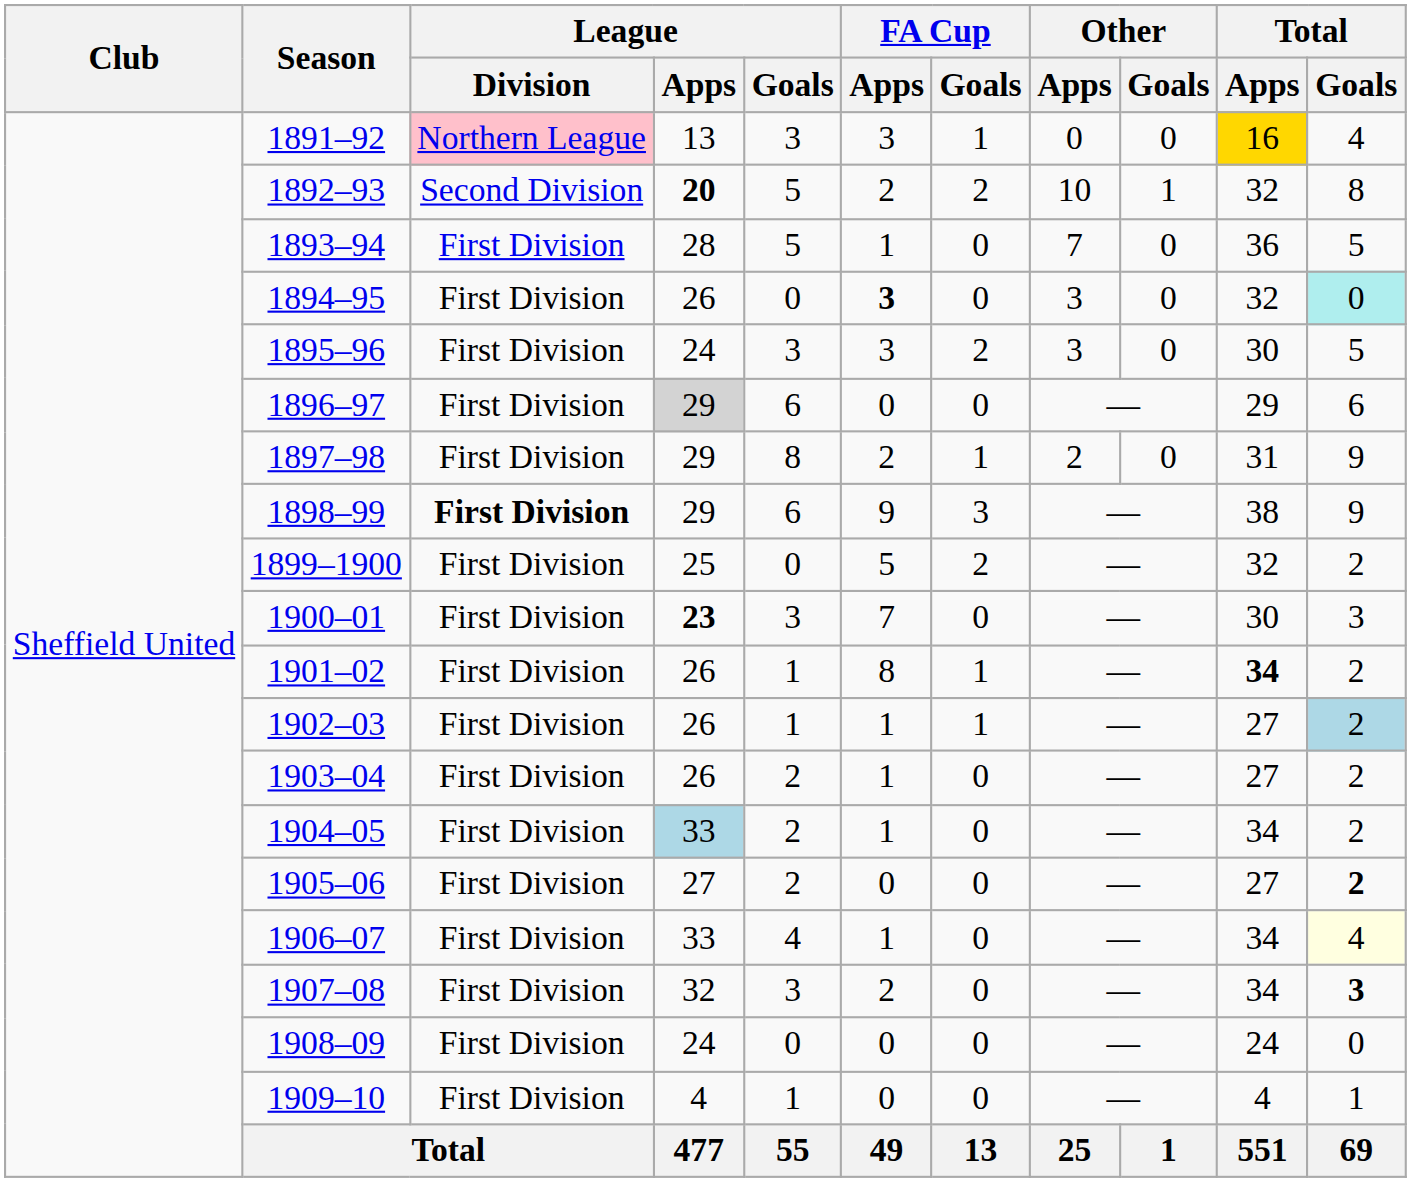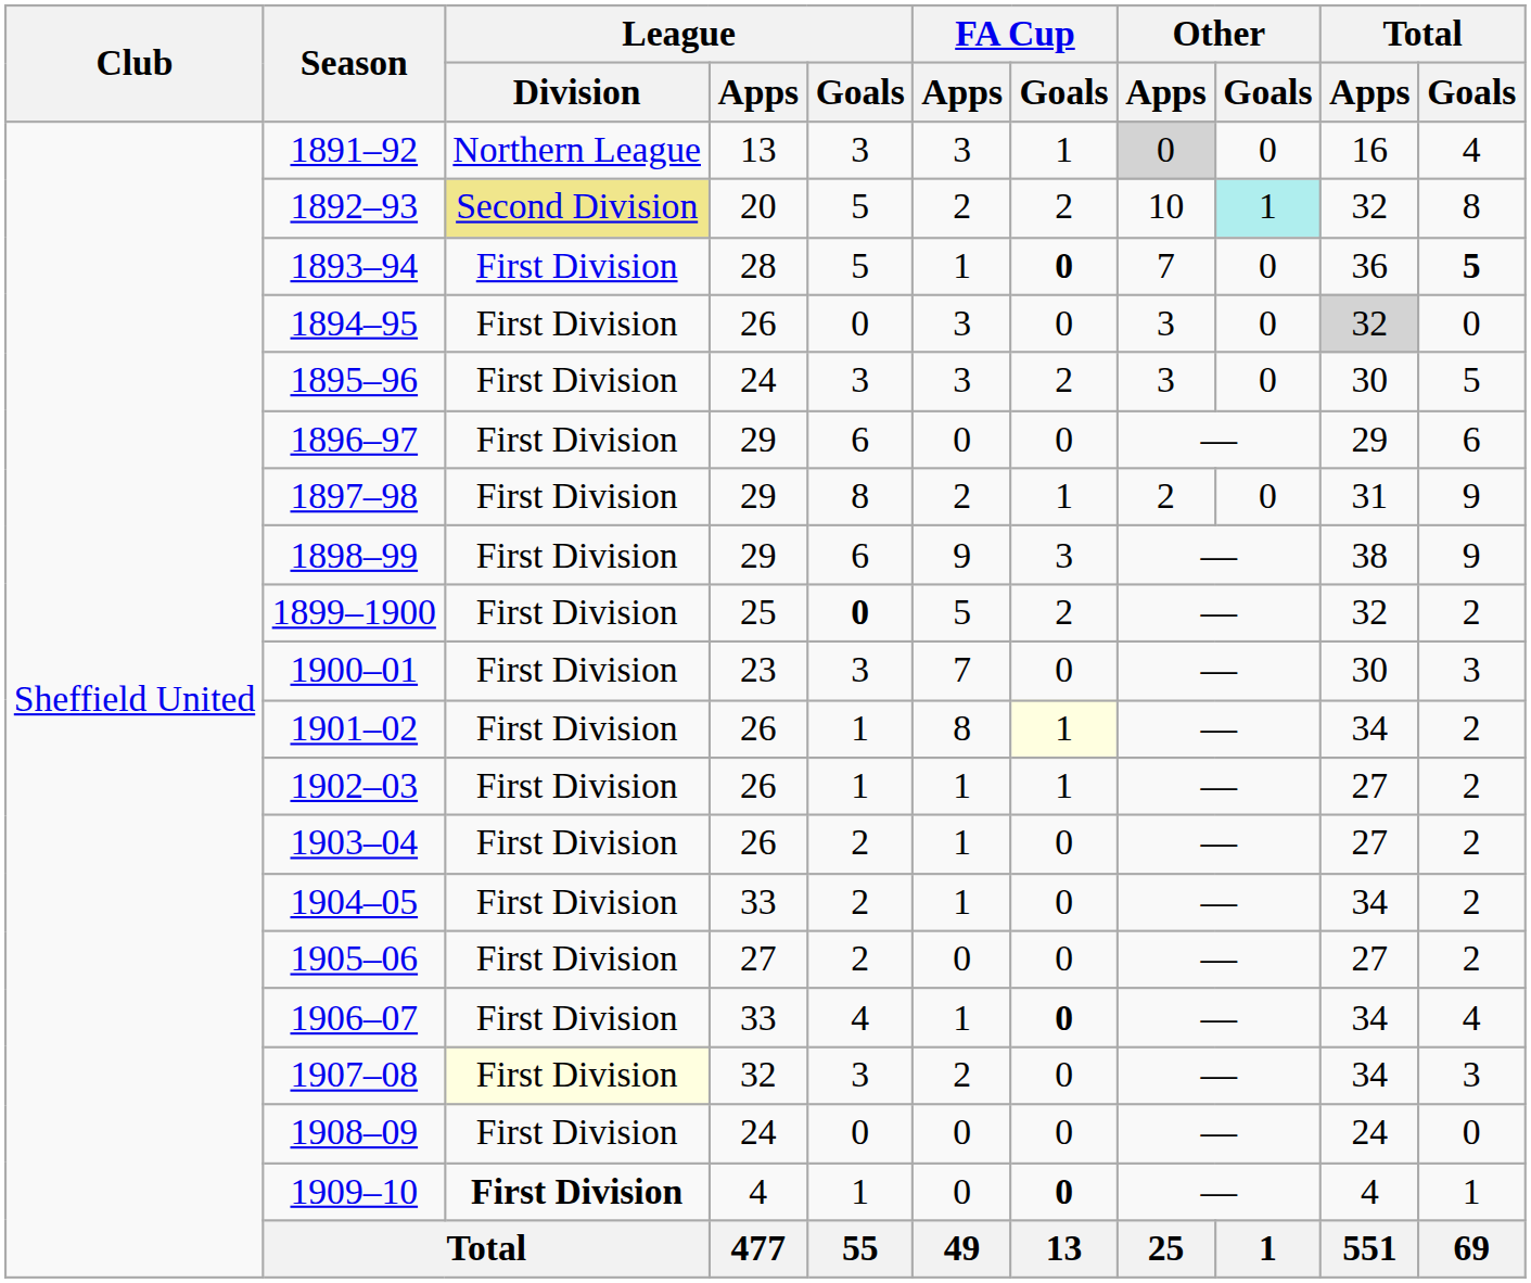 <table class="wikitable" style="text-align:center">
 <tr>
 <th rowspan="2">Club</th>
 <th rowspan="2">Season</th>
 <th colspan="3">League</th>
 <th colspan="2"><a href='#'>FA Cup</a></th>
 <th colspan="2">Other</th>
 <th colspan="2">Total</th>
 </tr>
 <tr>
 <th>Division</th>
 <th>Apps</th>
 <th>Goals</th>
 <th>Apps</th>
 <th>Goals</th>
 <th>Apps</th>
 <th>Goals</th>
 <th>Apps</th>
 <th>Goals</th>
 </tr>
 <tr>
 <td rowspan="20"><a href='#'>Sheffield United</a></td>
 <td><a href='#'>1891–92</a></td>
-<td style="background: pink;"><a href='#'>Northern League</a></td>
+<td><a href='#'>Northern League</a></td>
 <td>13</td>
 <td>3</td>
 <td>3</td>
 <td>1</td>
+<td style="background: lightgrey;">0</td>
 <td>0</td>
-<td>0</td>
-<td style="background: gold;">16</td>
+<td>16</td>
 <td>4</td>
 </tr>
 <tr>
 <td><a href='#'>1892–93</a></td>
-<td><a href='#'>Second Division</a></td>
-<td><strong>20</strong></td>
+<td style="background: khaki;"><a href='#'>Second Division</a></td>
+<td>20</td>
 <td>5</td>
 <td>2</td>
 <td>2</td>
 <td>10</td>
-<td>1</td>
+<td style="background: paleturquoise;">1</td>
 <td>32</td>
 <td>8</td>
 </tr>
 <tr>
 <td><a href='#'>1893–94</a></td>
 <td><a href='#'>First Division</a></td>
 <td>28</td>
 <td>5</td>
 <td>1</td>
-<td>0</td>
+<td><strong>0</strong></td>
 <td>7</td>
 <td>0</td>
 <td>36</td>
-<td>5</td>
+<td><strong>5</strong></td>
 </tr>
 <tr>
 <td><a href='#'>1894–95</a></td>
 <td>First Division</td>
 <td>26</td>
 <td>0</td>
-<td><strong>3</strong></td>
+<td>3</td>
 <td>0</td>
 <td>3</td>
 <td>0</td>
-<td>32</td>
-<td style="background: paleturquoise;">0</td>
+<td style="background: lightgrey;">32</td>
+<td>0</td>
 </tr>
 <tr>
 <td><a href='#'>1895–96</a></td>
 <td>First Division</td>
 <td>24</td>
 <td>3</td>
 <td>3</td>
 <td>2</td>
 <td>3</td>
 <td>0</td>
 <td>30</td>
 <td>5</td>
 </tr>
 <tr>
 <td><a href='#'>1896–97</a></td>
 <td>First Division</td>
-<td style="background: lightgrey;">29</td>
+<td>29</td>
 <td>6</td>
 <td>0</td>
 <td>0</td>
 <td colspan="2">—</td>
 <td>29</td>
 <td>6</td>
 </tr>
 <tr>
 <td><a href='#'>1897–98</a></td>
 <td>First Division</td>
 <td>29</td>
 <td>8</td>
 <td>2</td>
 <td>1</td>
 <td>2</td>
 <td>0</td>
 <td>31</td>
 <td>9</td>
 </tr>
 <tr>
 <td><a href='#'>1898–99</a></td>
-<td><strong>First Division</strong></td>
+<td>First Division</td>
 <td>29</td>
 <td>6</td>
 <td>9</td>
 <td>3</td>
 <td colspan="2">—</td>
 <td>38</td>
 <td>9</td>
 </tr>
 <tr>
 <td><a href='#'>1899–1900</a></td>
 <td>First Division</td>
 <td>25</td>
-<td>0</td>
+<td><strong>0</strong></td>
 <td>5</td>
 <td>2</td>
 <td colspan="2">—</td>
 <td>32</td>
 <td>2</td>
 </tr>
 <tr>
 <td><a href='#'>1900–01</a></td>
 <td>First Division</td>
-<td><strong>23</strong></td>
+<td>23</td>
 <td>3</td>
 <td>7</td>
 <td>0</td>
 <td colspan="2">—</td>
 <td>30</td>
 <td>3</td>
 </tr>
 <tr>
 <td><a href='#'>1901–02</a></td>
 <td>First Division</td>
 <td>26</td>
 <td>1</td>
 <td>8</td>
-<td>1</td>
+<td style="background: lightyellow;">1</td>
 <td colspan="2">—</td>
-<td><strong>34</strong></td>
+<td>34</td>
 <td>2</td>
 </tr>
 <tr>
 <td><a href='#'>1902–03</a></td>
 <td>First Division</td>
 <td>26</td>
 <td>1</td>
 <td>1</td>
 <td>1</td>
 <td colspan="2">—</td>
 <td>27</td>
-<td style="background: lightblue;">2</td>
+<td>2</td>
 </tr>
 <tr>
 <td><a href='#'>1903–04</a></td>
 <td>First Division</td>
 <td>26</td>
 <td>2</td>
 <td>1</td>
 <td>0</td>
 <td colspan="2">—</td>
 <td>27</td>
 <td>2</td>
 </tr>
 <tr>
 <td><a href='#'>1904–05</a></td>
 <td>First Division</td>
-<td style="background: lightblue;">33</td>
+<td>33</td>
 <td>2</td>
 <td>1</td>
 <td>0</td>
 <td colspan="2">—</td>
 <td>34</td>
 <td>2</td>
 </tr>
 <tr>
 <td><a href='#'>1905–06</a></td>
 <td>First Division</td>
 <td>27</td>
 <td>2</td>
 <td>0</td>
 <td>0</td>
 <td colspan="2">—</td>
 <td>27</td>
-<td><strong>2</strong></td>
+<td>2</td>
 </tr>
 <tr>
 <td><a href='#'>1906–07</a></td>
 <td>First Division</td>
 <td>33</td>
 <td>4</td>
 <td>1</td>
-<td>0</td>
+<td><strong>0</strong></td>
 <td colspan="2">—</td>
 <td>34</td>
-<td style="background: lightyellow;">4</td>
+<td>4</td>
 </tr>
 <tr>
 <td><a href='#'>1907–08</a></td>
-<td>First Division</td>
+<td style="background: lightyellow;">First Division</td>
 <td>32</td>
 <td>3</td>
 <td>2</td>
 <td>0</td>
 <td colspan="2">—</td>
 <td>34</td>
-<td><strong>3</strong></td>
+<td>3</td>
 </tr>
 <tr>
 <td><a href='#'>1908–09</a></td>
 <td>First Division</td>
 <td>24</td>
 <td>0</td>
 <td>0</td>
 <td>0</td>
 <td colspan="2">—</td>
 <td>24</td>
 <td>0</td>
 </tr>
 <tr>
 <td><a href='#'>1909–10</a></td>
-<td>First Division</td>
+<td><strong>First Division</strong></td>
 <td>4</td>
 <td>1</td>
 <td>0</td>
-<td>0</td>
+<td><strong>0</strong></td>
 <td colspan="2">—</td>
 <td>4</td>
 <td>1</td>
 </tr>
 <tr>
 <th colspan="2">Total</th>
 <th>477</th>
 <th>55</th>
 <th>49</th>
 <th>13</th>
 <th>25</th>
 <th>1</th>
 <th>551</th>
 <th>69</th>
 </tr>
 </table>
